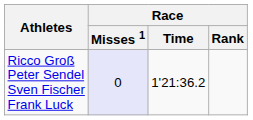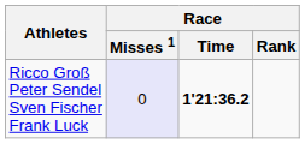 <table class="wikitable" border="1" style="font-size:90%">
 <tr>
 <th rowspan=2>Athletes</th>
 <th colspan=3>Race</th>
 </tr>
 <tr>
 <th>Misses <sup>1</sup></th>
 <th>Time</th>
 <th>Rank</th>
 </tr>
 <tr>
 <td><a href='#'>Ricco Groß</a><br><a href='#'>Peter Sendel</a><br><a href='#'>Sven Fischer</a><br><a href='#'>Frank Luck</a></td>
 <td align=center style="background: lavender;">0</td>
-<td align=center>1'21:36.2</td>
+<td align=center><strong>1'21:36.2</strong></td>
 <td align=center></td>
 </tr>
 </table>
